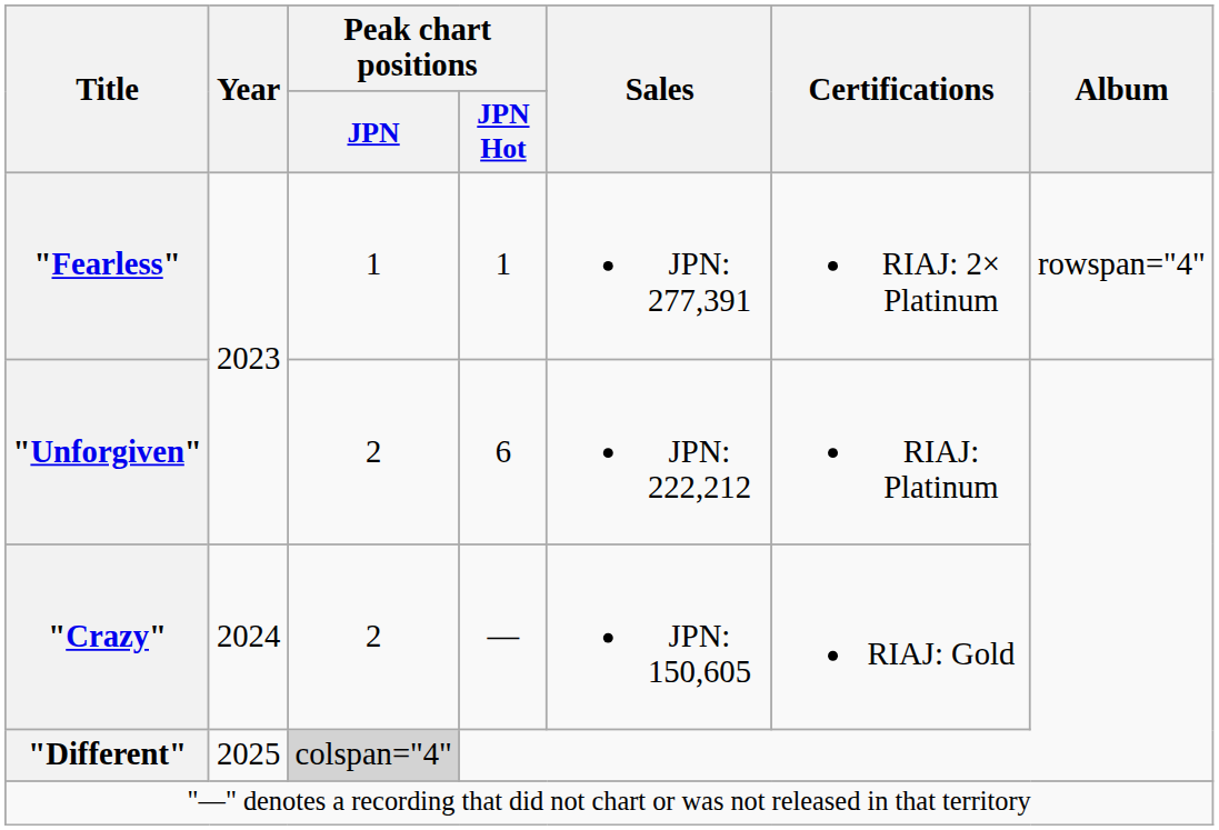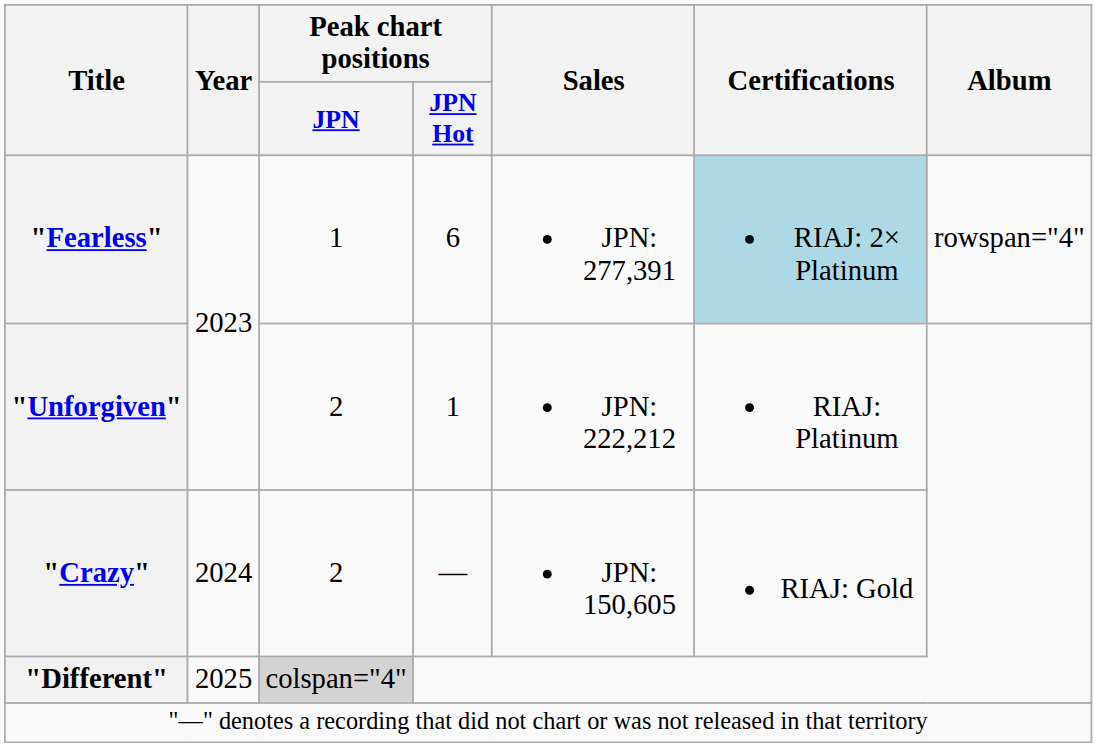 <table class="wikitable plainrowheaders" style="text-align:center">
 <tr>
 <th scope="col" rowspan="2">Title</th>
 <th scope="col" rowspan="2">Year</th>
 <th scope="col" colspan="2">Peak chart positions</th>
 <th scope="col" rowspan="2">Sales</th>
 <th scope="col" rowspan="2">Certifications</th>
 <th scope="col" rowspan="2">Album</th>
 </tr>
 <tr>
 <th scope="col" style="font-size:90%; width:2.6em"><a href='#'>JPN</a><br></th>
 <th scope="col" style="font-size:90%; width:2.6em"><a href='#'>JPN<br>Hot</a><br></th>
 </tr>
 <tr>
 <th scope="row">"<a href='#'>Fearless</a>"</th>
 <td rowspan="2">2023</td>
 <td>1</td>
-<td>1</td>
+<td>6</td>
 <td><br><ul><li>JPN: 277,391 </li></ul></td>
-<td><br><ul><li>RIAJ: 2× Platinum </li></ul></td>
+<td style="background: lightblue;"><br><ul><li>RIAJ: 2× Platinum </li></ul></td>
 <td>rowspan="4" </td>
 </tr>
 <tr>
 <th scope="row">"<a href='#'>Unforgiven</a>"<br></th>
 <td>2</td>
-<td>6</td>
+<td>1</td>
 <td><br><ul><li>JPN: 222,212</li></ul></td>
 <td><br><ul><li>RIAJ: Platinum </li></ul></td>
 </tr>
 <tr>
 <th scope="row">"<a href='#'>Crazy</a>"</th>
 <td>2024</td>
 <td>2</td>
 <td>—</td>
 <td><br><ul><li>JPN: 150,605 </li></ul></td>
 <td><br><ul><li>RIAJ: Gold </li></ul></td>
 </tr>
 <tr>
 <th scope="row">"Different"</th>
 <td>2025</td>
 <td style="background: lightgrey;">colspan="4" </td>
 </tr>
 <tr>
 <td colspan="7" style="font-size:85%">"—" denotes a recording that did not chart or was not released in that territory</td>
 </tr>
 </table>
